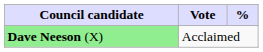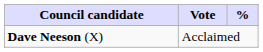 <table class="wikitable">
 <tr>
 <th style="background:#ddf; width:200px;">Council candidate</th>
 <th style="background:#ddf; width:50px;">Vote</th>
 <th style="background:#ddf; width:30px;">%</th>
 </tr>
 <tr>
-<td style="background: lightgreen;"><strong>Dave Neeson</strong> (X)</td>
+<td><strong>Dave Neeson</strong> (X)</td>
 <td colspan="2">Acclaimed</td>
 </tr>
 </table>
